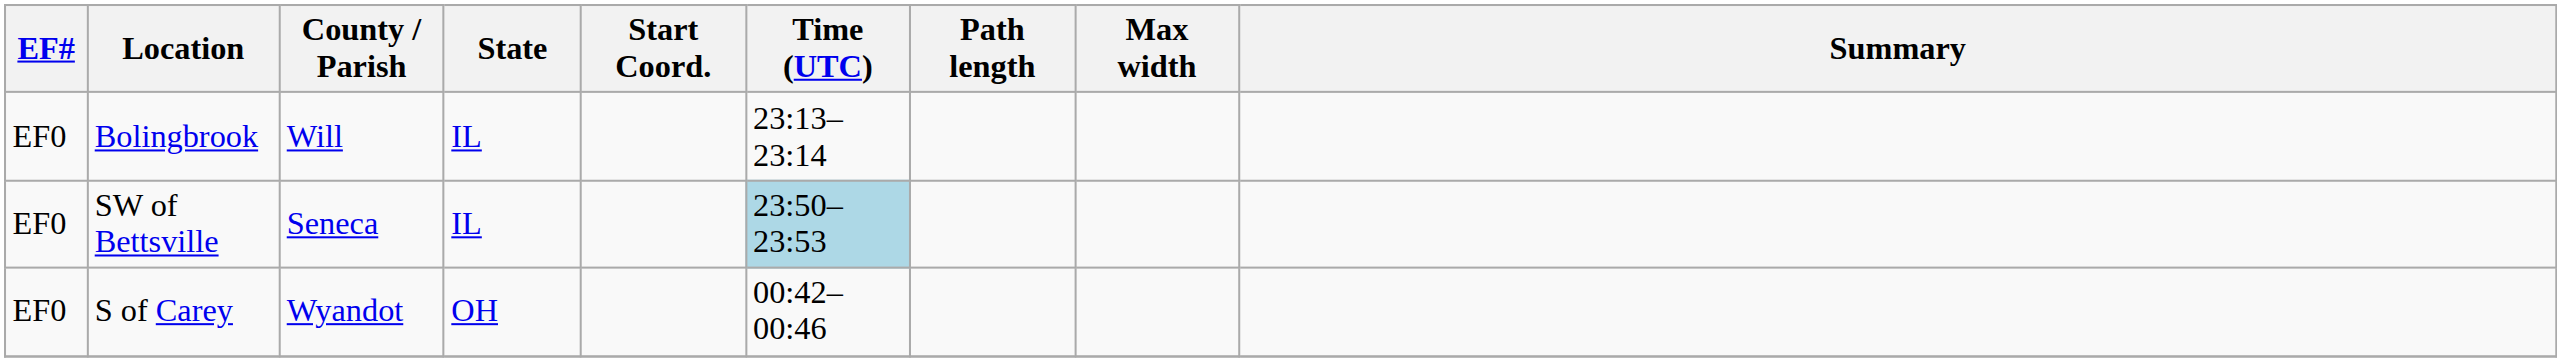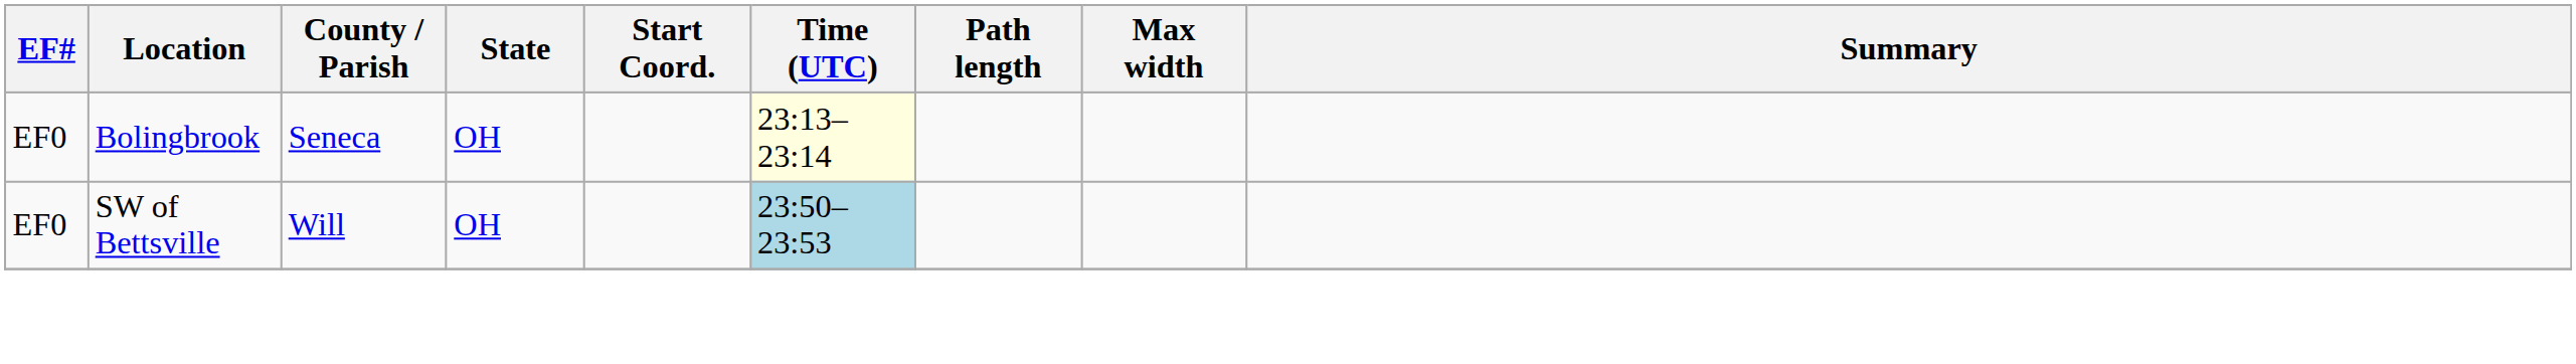 <table class="wikitable sortable" style="width:100%;">
 <tr>
 <th scope="col"  style="width:3%; text-align:center;"><a href='#'>EF#</a></th>
 <th scope="col"  style="width:7%; text-align:center;" class="unsortable">Location</th>
 <th scope="col"  style="width:6%; text-align:center;" class="unsortable">County / Parish</th>
 <th scope="col"  style="width:5%; text-align:center;">State</th>
 <th scope="col"  style="width:6%; text-align:center;">Start Coord.</th>
 <th scope="col"  style="width:6%; text-align:center;">Time (<a href='#'>UTC</a>)</th>
 <th scope="col"  style="width:6%; text-align:center;">Path length</th>
 <th scope="col"  style="width:6%; text-align:center;">Max width</th>
 <th scope="col" class="unsortable" style="width:48%; text-align:center;">Summary</th>
 </tr>
 <tr>
 <td>EF0</td>
 <td><a href='#'>Bolingbrook</a></td>
-<td><a href='#'>Will</a></td>
-<td><a href='#'>IL</a></td>
+<td><a href='#'>Seneca</a></td>
+<td><a href='#'>OH</a></td>
 <td></td>
-<td>23:13–23:14</td>
+<td style="background: lightyellow;">23:13–23:14</td>
 <td></td>
 <td></td>
 <td></td>
 </tr>
 <tr>
 <td>EF0</td>
 <td>SW of <a href='#'>Bettsville</a></td>
-<td><a href='#'>Seneca</a></td>
-<td><a href='#'>IL</a></td>
+<td><a href='#'>Will</a></td>
+<td><a href='#'>OH</a></td>
 <td></td>
 <td style="background: lightblue;">23:50–23:53</td>
 <td></td>
 <td></td>
 <td></td>
 </tr>
 <tr>
-<td>EF0</td>
-<td>S of <a href='#'>Carey</a></td>
-<td><a href='#'>Wyandot</a></td>
-<td><a href='#'>OH</a></td>
-<td></td>
-<td>00:42–00:46</td>
-<td></td>
-<td></td>
-<td></td>
-</tr>
-<tr>
 </tr>
 </table>
